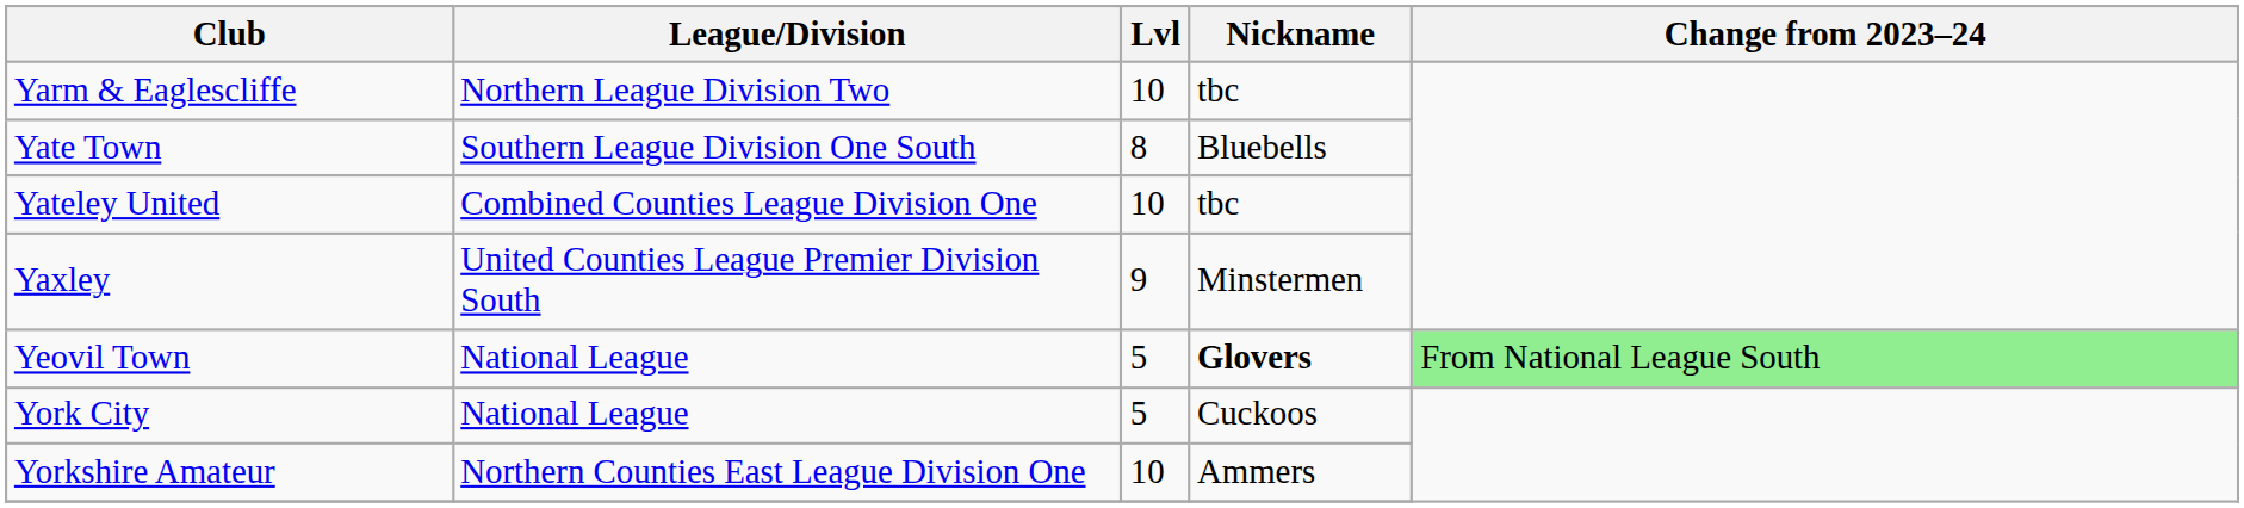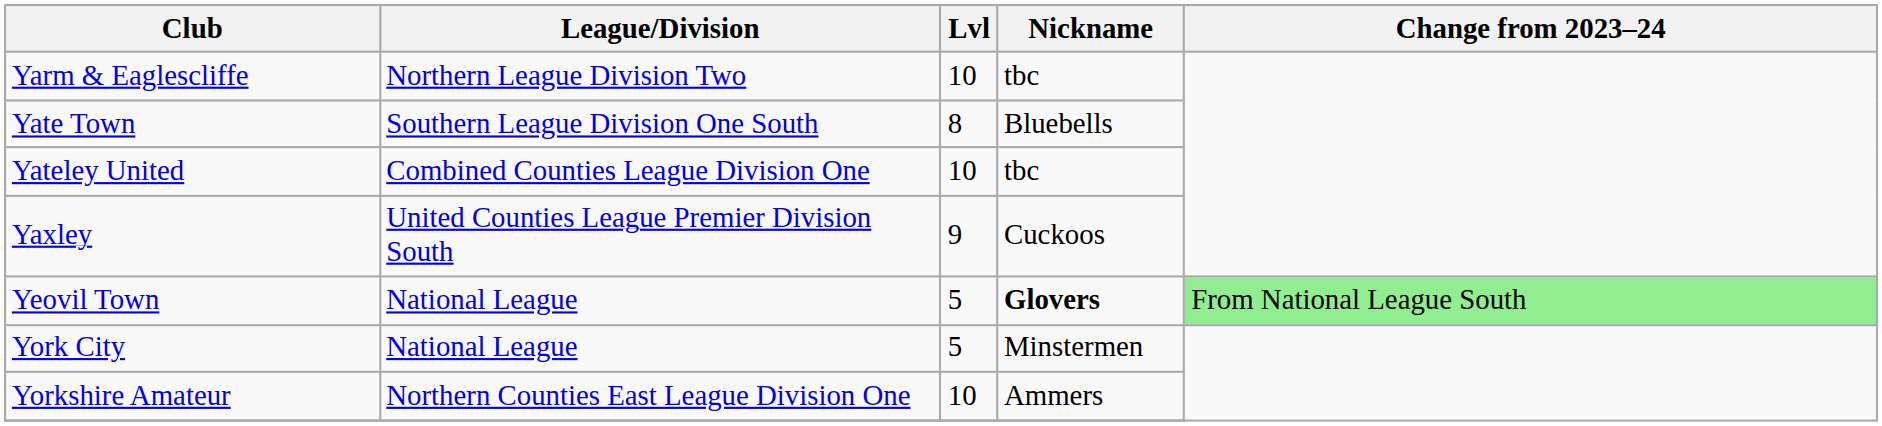 <table class="wikitable sortable" width=100% style="font-size:85%">
 <tr>
 <th width=20%>Club</th>
 <th width=30%>League/Division</th>
 <th width=3%>Lvl</th>
 <th width=10%>Nickname</th>
 <th width=37%>Change from 2023–24</th>
 </tr>
 <tr>
 <td><a href='#'>Yarm & Eaglescliffe</a></td>
 <td><a href='#'>Northern League Division Two</a></td>
 <td>10</td>
 <td>tbc</td>
 </tr>
 <tr>
 <td><a href='#'>Yate Town</a></td>
 <td><a href='#'>Southern League Division One South</a></td>
 <td>8</td>
 <td>Bluebells</td>
 </tr>
 <tr>
 <td><a href='#'>Yateley United</a></td>
 <td><a href='#'>Combined Counties League Division One</a></td>
 <td>10</td>
 <td>tbc</td>
 </tr>
 <tr>
 <td><a href='#'>Yaxley</a></td>
 <td><a href='#'>United Counties League Premier Division South</a></td>
 <td>9</td>
-<td>Minstermen</td>
+<td>Cuckoos</td>
 </tr>
 <tr>
 <td><a href='#'>Yeovil Town</a></td>
 <td><a href='#'>National League</a></td>
 <td>5</td>
 <td><strong>Glovers</strong></td>
 <td style="background:lightgreen">From National League South</td>
 </tr>
 <tr>
 <td><a href='#'>York City</a></td>
 <td><a href='#'>National League</a></td>
 <td>5</td>
-<td>Cuckoos</td>
+<td>Minstermen</td>
 </tr>
 <tr>
 <td><a href='#'>Yorkshire Amateur</a></td>
 <td><a href='#'>Northern Counties East League Division One</a></td>
 <td>10</td>
 <td>Ammers</td>
 </tr>
 <tr>
 </tr>
 </table>
